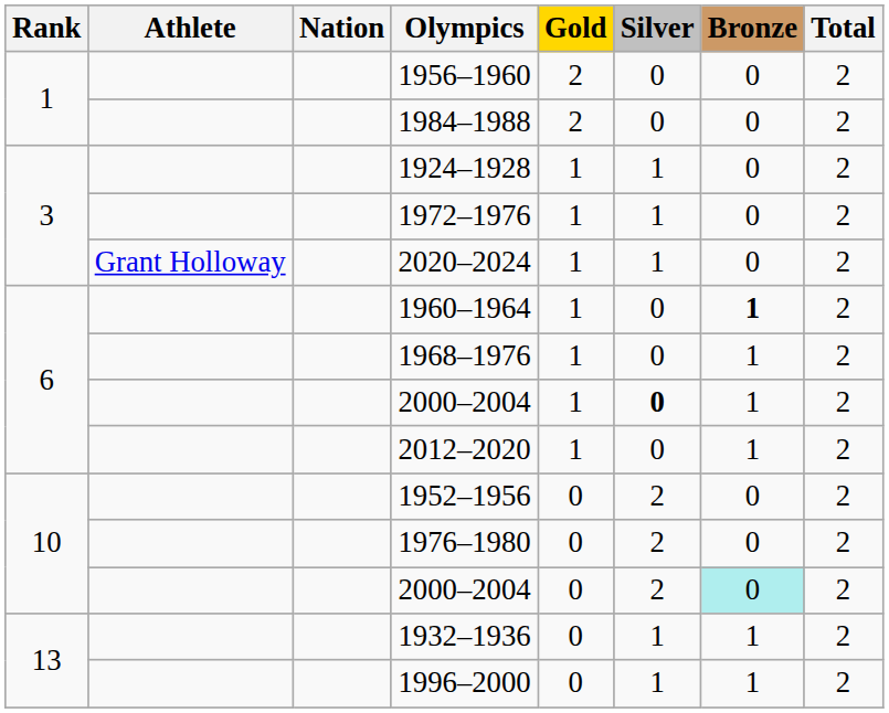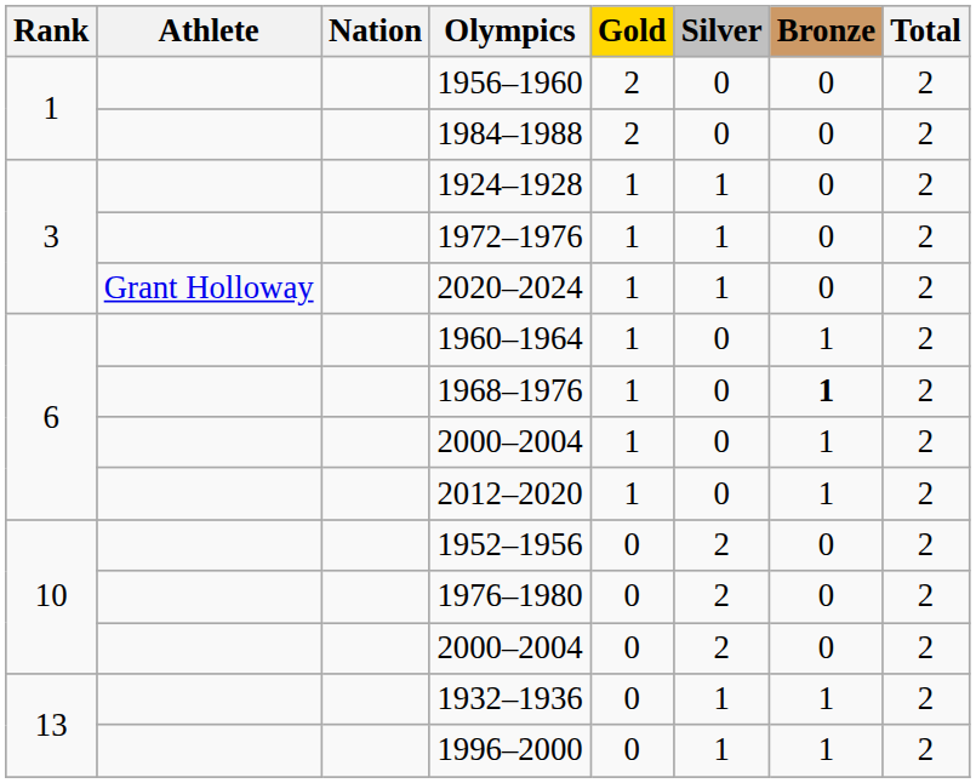 <table class="wikitable sortable" style="text-align:center">
 <tr>
 <th>Rank</th>
 <th>Athlete</th>
 <th>Nation</th>
 <th>Olympics</th>
 <th style="background-color:gold">Gold</th>
 <th style="background-color:silver">Silver</th>
 <th style="background-color:#cc9966">Bronze</th>
 <th>Total</th>
 </tr>
 <tr>
 <td rowspan=2>1</td>
 <td align=left></td>
 <td align=left></td>
 <td>1956–1960</td>
 <td>2</td>
 <td>0</td>
 <td>0</td>
 <td>2</td>
 </tr>
 <tr>
 <td align=left></td>
 <td align=left></td>
 <td>1984–1988</td>
 <td>2</td>
 <td>0</td>
 <td>0</td>
 <td>2</td>
 </tr>
 <tr>
 <td rowspan="3">3</td>
 <td align=left></td>
 <td align=left></td>
 <td>1924–1928</td>
 <td>1</td>
 <td>1</td>
 <td>0</td>
 <td>2</td>
 </tr>
 <tr>
 <td align=left></td>
 <td align=left></td>
 <td>1972–1976</td>
 <td>1</td>
 <td>1</td>
 <td>0</td>
 <td>2</td>
 </tr>
 <tr>
 <td align=left><a href='#'>Grant Holloway</a></td>
 <td align=left></td>
 <td>2020–2024</td>
 <td>1</td>
 <td>1</td>
 <td>0</td>
 <td>2</td>
 </tr>
 <tr>
 <td rowspan="4">6</td>
 <td align="left"></td>
 <td align="left"></td>
 <td>1960–1964</td>
 <td>1</td>
 <td>0</td>
-<td><strong>1</strong></td>
+<td>1</td>
 <td>2</td>
 </tr>
 <tr>
 <td align=left></td>
 <td align=left></td>
 <td>1968–1976</td>
 <td>1</td>
 <td>0</td>
-<td>1</td>
+<td><strong>1</strong></td>
 <td>2</td>
 </tr>
 <tr>
 <td align=left></td>
 <td align=left></td>
 <td>2000–2004</td>
 <td>1</td>
-<td><strong>0</strong></td>
+<td>0</td>
 <td>1</td>
 <td>2</td>
 </tr>
 <tr>
 <td align=left></td>
 <td align=left></td>
 <td>2012–2020</td>
 <td>1</td>
 <td>0</td>
 <td>1</td>
 <td>2</td>
 </tr>
 <tr>
 <td rowspan=3>10</td>
 <td align="left"></td>
 <td align=left></td>
 <td>1952–1956</td>
 <td>0</td>
 <td>2</td>
 <td>0</td>
 <td>2</td>
 </tr>
 <tr>
 <td align=left></td>
 <td align=left></td>
 <td>1976–1980</td>
 <td>0</td>
 <td>2</td>
 <td>0</td>
 <td>2</td>
 </tr>
 <tr>
 <td align=left></td>
 <td align=left></td>
 <td>2000–2004</td>
 <td>0</td>
 <td>2</td>
-<td style="background: paleturquoise;">0</td>
+<td>0</td>
 <td>2</td>
 </tr>
 <tr>
 <td rowspan=2>13</td>
 <td align="left"></td>
 <td align=left></td>
 <td>1932–1936</td>
 <td>0</td>
 <td>1</td>
 <td>1</td>
 <td>2</td>
 </tr>
 <tr>
 <td align=left></td>
 <td align=left></td>
 <td>1996–2000</td>
 <td>0</td>
 <td>1</td>
 <td>1</td>
 <td>2</td>
 </tr>
 </table>
